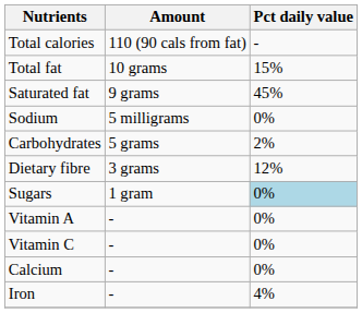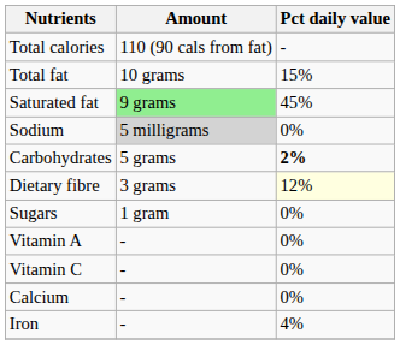 <table class="wikitable">
 <tr>
 <th>Nutrients</th>
 <th>Amount</th>
 <th>Pct daily value</th>
 </tr>
 <tr>
 <td>Total calories</td>
 <td>110 (90 cals from fat)</td>
 <td>-</td>
 </tr>
 <tr>
 <td>Total fat</td>
 <td>10 grams</td>
 <td>15%</td>
 </tr>
 <tr>
 <td>Saturated fat</td>
-<td>9 grams</td>
+<td style="background: lightgreen;">9 grams</td>
 <td>45%</td>
 </tr>
 <tr>
 <td>Sodium</td>
-<td>5 milligrams</td>
+<td style="background: lightgrey;">5 milligrams</td>
 <td>0%</td>
 </tr>
 <tr>
 <td>Carbohydrates</td>
 <td>5 grams</td>
-<td>2%</td>
+<td><strong>2%</strong></td>
 </tr>
 <tr>
 <td>Dietary fibre</td>
 <td>3 grams</td>
-<td>12%</td>
+<td style="background: lightyellow;">12%</td>
 </tr>
 <tr>
 <td>Sugars</td>
 <td>1 gram</td>
-<td style="background: lightblue;">0%</td>
+<td>0%</td>
 </tr>
 <tr>
 <td>Vitamin A</td>
 <td>-</td>
 <td>0%</td>
 </tr>
 <tr>
 <td>Vitamin C</td>
 <td>-</td>
 <td>0%</td>
 </tr>
 <tr>
 <td>Calcium</td>
 <td>-</td>
 <td>0%</td>
 </tr>
 <tr>
 <td>Iron</td>
 <td>-</td>
 <td>4%</td>
 </tr>
 <tr>
 </tr>
 </table>
